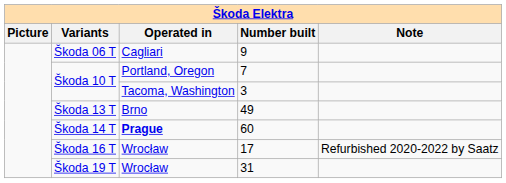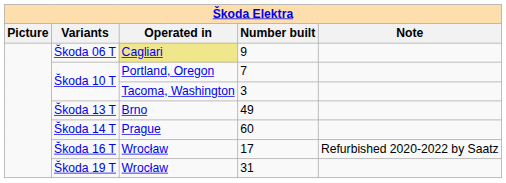 <table class="wikitable">
 <tr>
 <th colspan="5" style="background: #ffdead;"><a href='#'>Škoda Elektra</a></th>
 </tr>
 <tr>
 <th>Picture</th>
 <th>Variants</th>
 <th>Operated in</th>
 <th>Number built</th>
 <th>Note</th>
 </tr>
 <tr>
 <td rowspan="8"></td>
 <td><a href='#'>Škoda 06 T</a></td>
-<td> <a href='#'>Cagliari</a></td>
+<td style="background: khaki;"> <a href='#'>Cagliari</a></td>
 <td>9</td>
 <td></td>
 </tr>
 <tr>
 <td rowspan="2"><a href='#'>Škoda 10 T</a></td>
 <td> <a href='#'>Portland, Oregon</a></td>
 <td>7</td>
 <td></td>
 </tr>
 <tr>
 <td> <a href='#'>Tacoma, Washington</a></td>
 <td>3</td>
 <td></td>
 </tr>
 <tr>
 <td><a href='#'>Škoda 13 T</a></td>
 <td> <a href='#'>Brno</a></td>
 <td>49</td>
 <td></td>
 </tr>
 <tr>
 <td><a href='#'>Škoda 14 T</a></td>
-<td><strong> <a href='#'>Prague</a></strong></td>
+<td> <a href='#'>Prague</a></td>
 <td>60</td>
 <td></td>
 </tr>
 <tr>
 <td><a href='#'>Škoda 16 T</a></td>
 <td> <a href='#'>Wrocław</a></td>
 <td>17</td>
 <td>Refurbished 2020-2022 by Saatz</td>
 </tr>
 <tr>
 <td><a href='#'>Škoda 19 T</a></td>
 <td> <a href='#'>Wrocław</a></td>
 <td>31</td>
 <td></td>
 </tr>
 </table>
